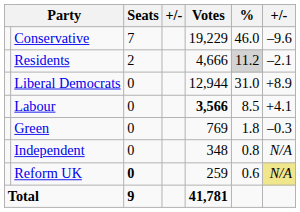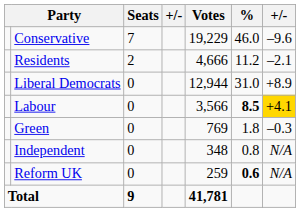 <table class="wikitable sortable">
 <tr>
 <th colspan="2">Party</th>
 <th>Seats</th>
 <th>+/-</th>
 <th>Votes</th>
 <th>%</th>
 <th>+/-</th>
 </tr>
 <tr>
 <td style="background-color: "></td>
 <td><a href='#'>Conservative</a></td>
 <td>7</td>
 <td></td>
 <td style="text-align:right;">19,229</td>
 <td style="text-align:right;">46.0</td>
 <td style="text-align:right;">–9.6</td>
 </tr>
 <tr>
 <td style="background-color: "></td>
 <td><a href='#'>Residents</a></td>
 <td>2</td>
 <td></td>
 <td style="text-align:right;">4,666</td>
-<td style="background: lightgrey; text-align:right;">11.2</td>
+<td style="text-align:right;">11.2</td>
 <td style="text-align:right;">–2.1</td>
 </tr>
 <tr>
 <td style="background-color: "></td>
 <td><a href='#'>Liberal Democrats</a></td>
 <td>0</td>
 <td></td>
 <td style="text-align:right;">12,944</td>
 <td style="text-align:right;">31.0</td>
 <td style="text-align:right;">+8.9</td>
 </tr>
 <tr>
 <td style="background-color: "></td>
 <td><a href='#'>Labour</a></td>
 <td>0</td>
 <td></td>
-<td style="text-align:right;"><strong>3,566</strong></td>
-<td style="text-align:right;">8.5</td>
-<td style="text-align:right;">+4.1</td>
+<td style="text-align:right;">3,566</td>
+<td style="text-align:right;"><strong>8.5</strong></td>
+<td style="background: gold; text-align:right;">+4.1</td>
 </tr>
 <tr>
 <td style="background-color: "></td>
 <td><a href='#'>Green</a></td>
 <td>0</td>
 <td></td>
 <td style="text-align:right;">769</td>
 <td style="text-align:right;">1.8</td>
 <td style="text-align:right;">–0.3</td>
 </tr>
 <tr>
 <td style="background-color: "></td>
 <td><a href='#'>Independent</a></td>
 <td>0</td>
 <td></td>
 <td style="text-align:right;">348</td>
 <td style="text-align:right;">0.8</td>
 <td style="text-align:right;"><em>N/A</em></td>
 </tr>
 <tr>
 <td style="background-color: "></td>
 <td><a href='#'>Reform UK</a></td>
-<td><strong>0</strong></td>
+<td>0</td>
 <td></td>
 <td style="text-align:right;">259</td>
-<td style="text-align:right;">0.6</td>
-<td style="background: khaki; text-align:right;"><em>N/A</em></td>
+<td style="text-align:right;"><strong>0.6</strong></td>
+<td style="text-align:right;"><em>N/A</em></td>
 </tr>
 <tr>
 <td colspan="2"><strong>Total</strong></td>
 <td><strong>9</strong></td>
 <td></td>
 <td style="text-align:right;"><strong>41,781</strong></td>
 <td style="text-align:right;"></td>
 <td style="text-align:right;"></td>
 </tr>
 </table>
